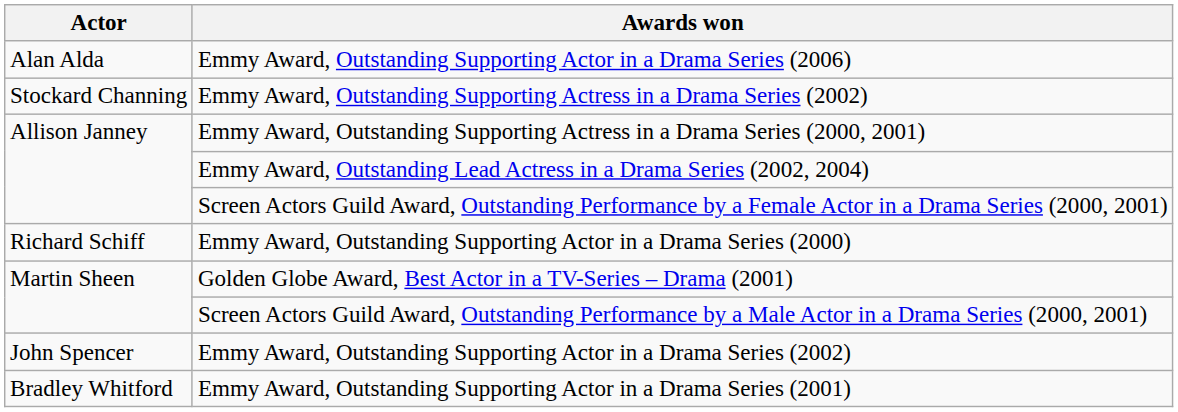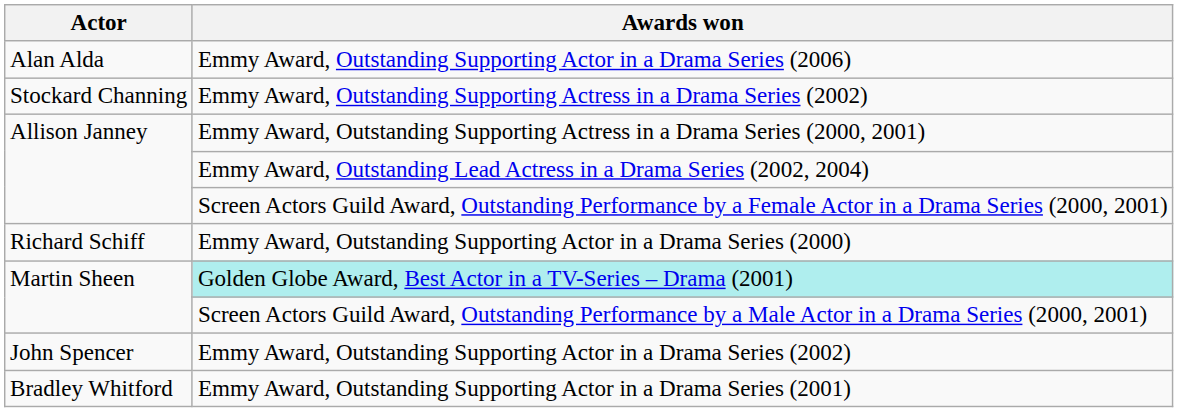 <table class="wikitable">
 <tr>
 <th>Actor</th>
 <th>Awards won</th>
 </tr>
 <tr>
 <td>Alan Alda</td>
 <td>Emmy Award, <a href='#'>Outstanding Supporting Actor in a Drama Series</a> (2006)</td>
 </tr>
 <tr>
 <td>Stockard Channing</td>
 <td>Emmy Award, <a href='#'>Outstanding Supporting Actress in a Drama Series</a> (2002)</td>
 </tr>
 <tr>
 <td rowspan="3" style="vertical-align:top;">Allison Janney</td>
 <td>Emmy Award, Outstanding Supporting Actress in a Drama Series (2000, 2001)</td>
 </tr>
 <tr>
 <td>Emmy Award, <a href='#'>Outstanding Lead Actress in a Drama Series</a> (2002, 2004)</td>
 </tr>
 <tr>
 <td>Screen Actors Guild Award, <a href='#'>Outstanding Performance by a Female Actor in a Drama Series</a> (2000, 2001)</td>
 </tr>
 <tr>
 <td>Richard Schiff</td>
 <td>Emmy Award, Outstanding Supporting Actor in a Drama Series (2000)</td>
 </tr>
 <tr>
 <td rowspan="2" style="vertical-align:top;">Martin Sheen</td>
-<td>Golden Globe Award, <a href='#'>Best Actor in a TV-Series – Drama</a> (2001)</td>
+<td style="background: paleturquoise;">Golden Globe Award, <a href='#'>Best Actor in a TV-Series – Drama</a> (2001)</td>
 </tr>
 <tr>
 <td>Screen Actors Guild Award, <a href='#'>Outstanding Performance by a Male Actor in a Drama Series</a> (2000, 2001)</td>
 </tr>
 <tr>
 <td>John Spencer</td>
 <td>Emmy Award, Outstanding Supporting Actor in a Drama Series (2002)</td>
 </tr>
 <tr>
 <td>Bradley Whitford</td>
 <td>Emmy Award, Outstanding Supporting Actor in a Drama Series (2001)</td>
 </tr>
 </table>
